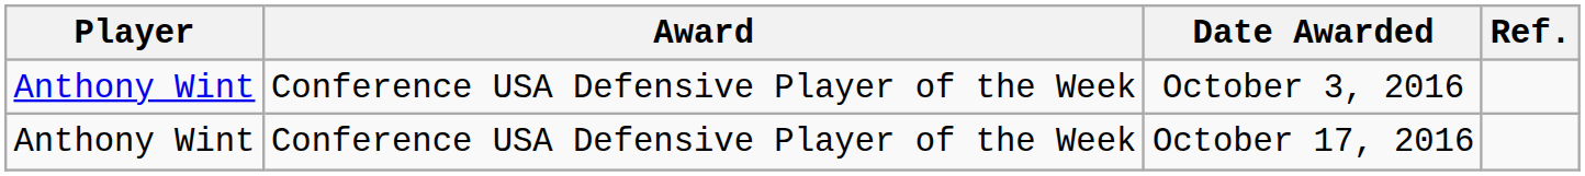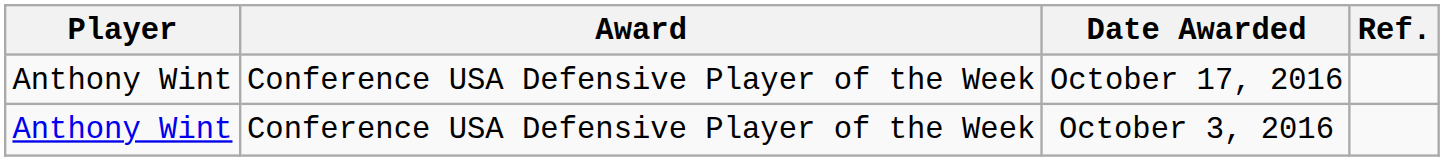 <table class="wikitable sortable sortable" style="text-align: center">
 <tr align=center>
 <th>Player</th>
 <th>Award</th>
 <th>Date Awarded</th>
 <th>Ref.</th>
 </tr>
 <tr>
+<td>Anthony Wint</td>
+<td>Conference USA Defensive Player of the Week</td>
+<td>October 17, 2016</td>
+<td></td>
+</tr>
+<tr>
 <td><a href='#'>Anthony Wint</a></td>
 <td>Conference USA Defensive Player of the Week</td>
 <td>October 3, 2016</td>
 <td></td>
 </tr>
-<tr>
-<td>Anthony Wint</td>
-<td>Conference USA Defensive Player of the Week</td>
-<td>October 17, 2016</td>
-<td></td>
-</tr>
 </table>
